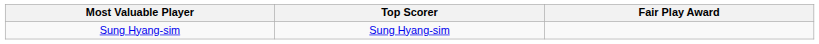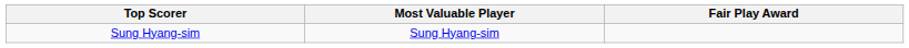 <table class="wikitable" style="text-align:center; width:60%; margin:auto;">
 <tr>
+<th style="width:10%;">Top Scorer</th>
 <th style="width:10%;">Most Valuable Player</th>
-<th style="width:10%;">Top Scorer</th>
 <th style="width:10%;">Fair Play Award</th>
 </tr>
 <tr>
 <td> <a href='#'>Sung Hyang-sim</a></td>
 <td> <a href='#'>Sung Hyang-sim</a></td>
 <td></td>
 </tr>
 </table>
